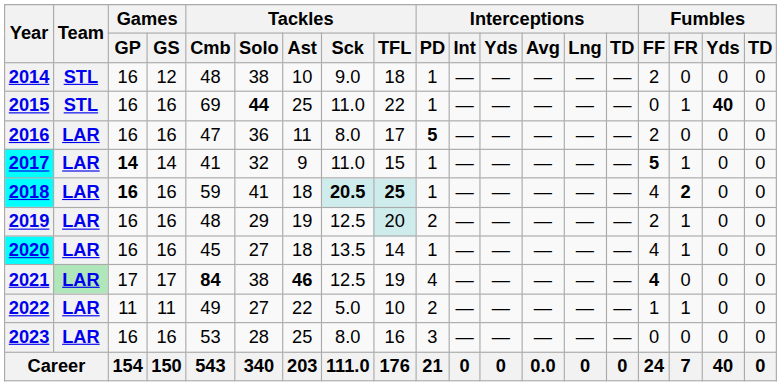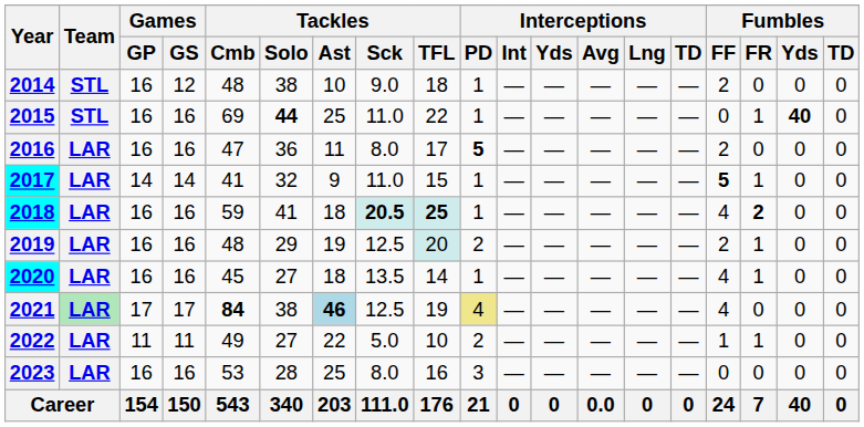 <table class= "wikitable" style="text-align:center;">
 <tr>
 </tr>
 <tr>
 <th rowspan="2">Year</th>
 <th rowspan="2">Team</th>
 <th colspan="2">Games</th>
 <th colspan="5">Tackles</th>
 <th colspan="6">Interceptions</th>
 <th colspan="4">Fumbles</th>
 </tr>
 <tr>
 <th>GP</th>
 <th>GS</th>
 <th>Cmb</th>
 <th>Solo</th>
 <th>Ast</th>
 <th>Sck</th>
 <th>TFL</th>
 <th>PD</th>
 <th>Int</th>
 <th>Yds</th>
 <th>Avg</th>
 <th>Lng</th>
 <th>TD</th>
 <th>FF</th>
 <th>FR</th>
 <th>Yds</th>
 <th>TD</th>
 </tr>
 <tr>
 <th><a href='#'>2014</a></th>
 <th><a href='#'>STL</a></th>
 <td>16</td>
 <td>12</td>
 <td>48</td>
 <td>38</td>
 <td>10</td>
 <td>9.0</td>
 <td>18</td>
 <td>1</td>
 <td>—</td>
 <td>—</td>
 <td>—</td>
 <td>—</td>
 <td>—</td>
 <td>2</td>
 <td>0</td>
 <td>0</td>
 <td>0</td>
 </tr>
 <tr>
 <th><a href='#'>2015</a></th>
 <th><a href='#'>STL</a></th>
 <td>16</td>
 <td>16</td>
 <td>69</td>
 <td><strong>44</strong></td>
 <td>25</td>
 <td>11.0</td>
 <td>22</td>
 <td>1</td>
 <td>—</td>
 <td>—</td>
 <td>—</td>
 <td>—</td>
 <td>—</td>
 <td>0</td>
 <td>1</td>
 <td><strong>40</strong></td>
 <td>0</td>
 </tr>
 <tr>
 <th><a href='#'>2016</a></th>
 <th><a href='#'>LAR</a></th>
 <td>16</td>
 <td>16</td>
 <td>47</td>
 <td>36</td>
 <td>11</td>
 <td>8.0</td>
 <td>17</td>
 <td><strong>5</strong></td>
 <td>—</td>
 <td>—</td>
 <td>—</td>
 <td>—</td>
 <td>—</td>
 <td>2</td>
 <td>0</td>
 <td>0</td>
 <td>0</td>
 </tr>
 <tr>
 <th style="background:#00ffff"><a href='#'>2017</a></th>
 <th><a href='#'>LAR</a></th>
-<td><strong>14</strong></td>
+<td>14</td>
 <td>14</td>
 <td>41</td>
 <td>32</td>
 <td>9</td>
 <td>11.0</td>
 <td>15</td>
 <td>1</td>
 <td>—</td>
 <td>—</td>
 <td>—</td>
 <td>—</td>
 <td>—</td>
 <td><strong>5</strong></td>
 <td>1</td>
 <td>0</td>
 <td>0</td>
 </tr>
 <tr>
 <th style="background:#00ffff"><a href='#'>2018</a></th>
 <th><a href='#'>LAR</a></th>
-<td><strong>16</strong></td>
+<td>16</td>
 <td>16</td>
 <td>59</td>
 <td>41</td>
 <td>18</td>
 <td style="background:#cfecec"><strong>20.5</strong></td>
 <td style="background:#cfecec"><strong>25</strong></td>
 <td>1</td>
 <td>—</td>
 <td>—</td>
 <td>—</td>
 <td>—</td>
 <td>—</td>
 <td>4</td>
 <td><strong>2</strong></td>
 <td>0</td>
 <td>0</td>
 </tr>
 <tr>
 <th><a href='#'>2019</a></th>
 <th><a href='#'>LAR</a></th>
 <td>16</td>
 <td>16</td>
 <td>48</td>
 <td>29</td>
 <td>19</td>
 <td>12.5</td>
 <td style="background:#cfecec">20</td>
 <td>2</td>
 <td>—</td>
 <td>—</td>
 <td>—</td>
 <td>—</td>
 <td>—</td>
 <td>2</td>
 <td>1</td>
 <td>0</td>
 <td>0</td>
 </tr>
 <tr>
 <th style="background:#00ffff"><a href='#'>2020</a></th>
 <th><a href='#'>LAR</a></th>
 <td>16</td>
 <td>16</td>
 <td>45</td>
 <td>27</td>
 <td>18</td>
 <td>13.5</td>
 <td>14</td>
 <td>1</td>
 <td>—</td>
 <td>—</td>
 <td>—</td>
 <td>—</td>
 <td>—</td>
 <td>4</td>
 <td>1</td>
 <td>0</td>
 <td>0</td>
 </tr>
 <tr>
 <th><a href='#'>2021</a></th>
 <th style="background:#afe6ba"><a href='#'>LAR</a></th>
 <td>17</td>
 <td>17</td>
 <td><strong>84</strong></td>
 <td>38</td>
-<td><strong>46</strong></td>
+<td style="background: lightblue;"><strong>46</strong></td>
 <td>12.5</td>
 <td>19</td>
-<td>4</td>
+<td style="background: khaki;">4</td>
 <td>—</td>
 <td>—</td>
 <td>—</td>
 <td>—</td>
 <td>—</td>
-<td><strong>4</strong></td>
+<td>4</td>
 <td>0</td>
 <td>0</td>
 <td>0</td>
 </tr>
 <tr>
 <th><a href='#'>2022</a></th>
 <th><a href='#'>LAR</a></th>
 <td>11</td>
 <td>11</td>
 <td>49</td>
 <td>27</td>
 <td>22</td>
 <td>5.0</td>
 <td>10</td>
 <td>2</td>
 <td>—</td>
 <td>—</td>
 <td>—</td>
 <td>—</td>
 <td>—</td>
 <td>1</td>
 <td>1</td>
 <td>0</td>
 <td>0</td>
 </tr>
 <tr>
 <th><a href='#'>2023</a></th>
 <th><a href='#'>LAR</a></th>
 <td>16</td>
 <td>16</td>
 <td>53</td>
 <td>28</td>
 <td>25</td>
 <td>8.0</td>
 <td>16</td>
 <td>3</td>
 <td>—</td>
 <td>—</td>
 <td>—</td>
 <td>—</td>
 <td>—</td>
 <td>0</td>
 <td>0</td>
 <td>0</td>
 <td>0</td>
 </tr>
 <tr>
 <th colspan="2">Career</th>
 <th>154</th>
 <th>150</th>
 <th>543</th>
 <th>340</th>
 <th>203</th>
 <th>111.0</th>
 <th>176</th>
 <th>21</th>
 <th>0</th>
 <th>0</th>
 <th>0.0</th>
 <th>0</th>
 <th>0</th>
 <th>24</th>
 <th>7</th>
 <th>40</th>
 <th>0</th>
 </tr>
 </table>
